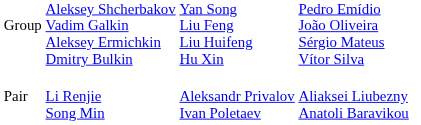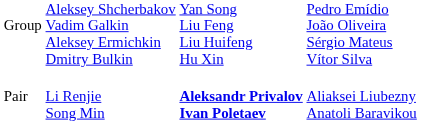 <table>
 <tr>
 <td>Group<br></td>
 <td><br><a href='#'>Aleksey Shcherbakov</a><br><a href='#'>Vadim Galkin</a><br><a href='#'>Aleksey Ermichkin</a><br><a href='#'>Dmitry Bulkin</a></td>
 <td><br><a href='#'>Yan Song</a><br><a href='#'>Liu Feng</a><br><a href='#'>Liu Huifeng</a><br><a href='#'>Hu Xin</a></td>
 <td><br><a href='#'>Pedro Emídio</a><br><a href='#'>João Oliveira</a><br><a href='#'>Sérgio Mateus</a><br><a href='#'>Vítor Silva</a></td>
 </tr>
 <tr>
 <td>Pair<br></td>
 <td><br><a href='#'>Li Renjie</a><br><a href='#'>Song Min</a></td>
-<td><br><a href='#'>Aleksandr Privalov</a><br><a href='#'>Ivan Poletaev</a></td>
+<td><strong><br><a href='#'>Aleksandr Privalov</a><br><a href='#'>Ivan Poletaev</a></strong></td>
 <td><br><a href='#'>Aliaksei Liubezny</a><br><a href='#'>Anatoli Baravikou</a></td>
 </tr>
 </table>
